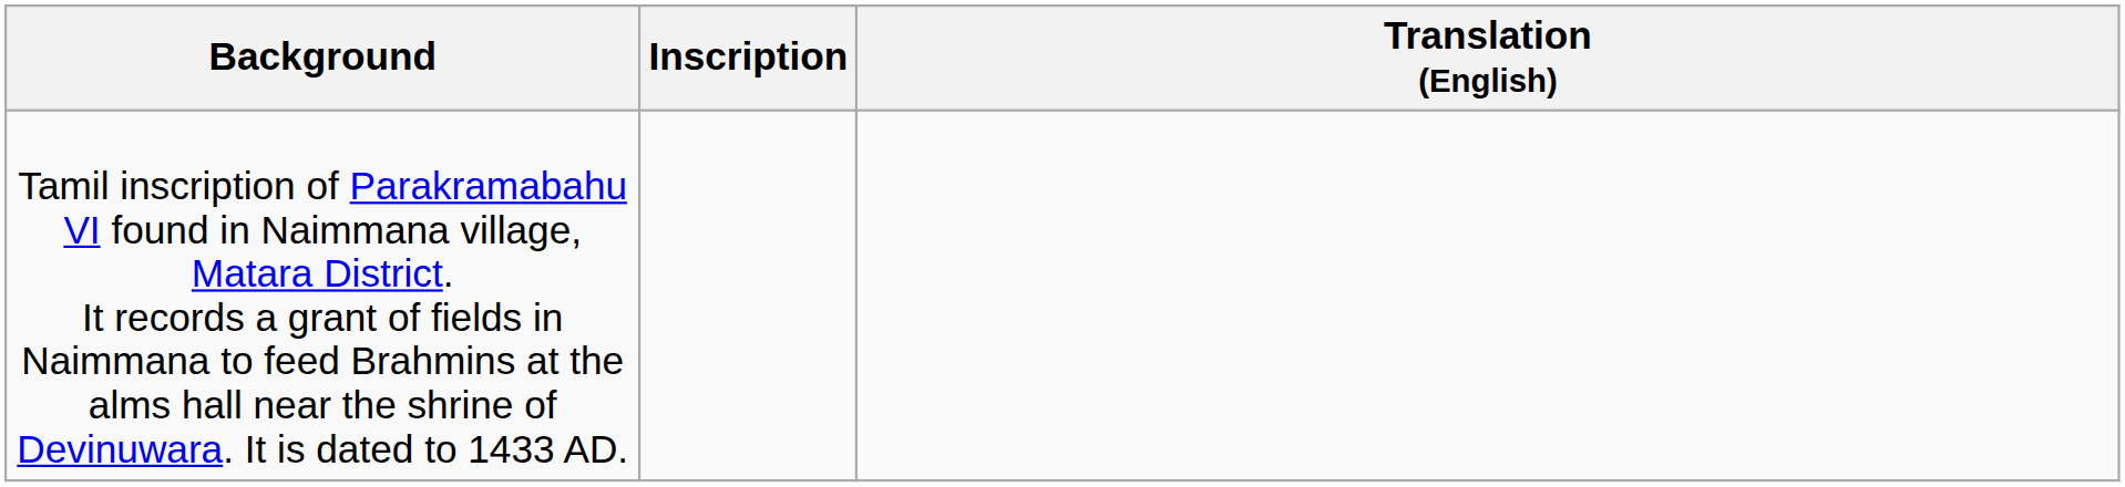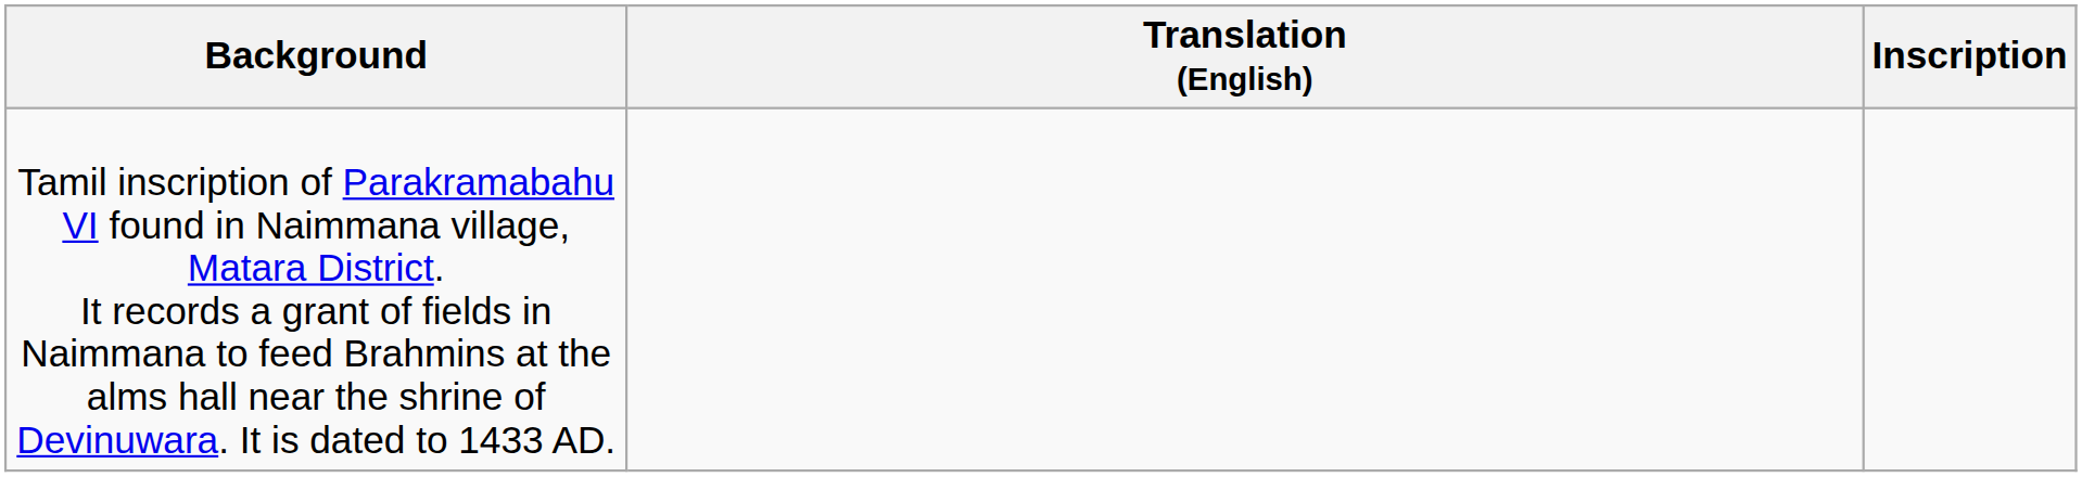 <table class="wikitable centre">
 <tr>
 <th scope="col" align=left>Background<br></th>
+<th>Translation<br><small>(English)</small></th>
 <th>Inscription<br></th>
-<th>Translation<br><small>(English)</small></th>
 </tr>
 <tr>
 <td align=center width="30%"><br>Tamil inscription of <a href='#'>Parakramabahu VI</a> found in Naimmana village, <a href='#'>Matara District</a>.<br>It records a grant of fields in Naimmana to feed Brahmins at the alms hall near the shrine of <a href='#'>Devinuwara</a>. It is dated to 1433 AD.</td>
+<td align=left><br></td>
 <td align=center width="10%"></td>
-<td align=left><br></td>
 </tr>
 </table>
